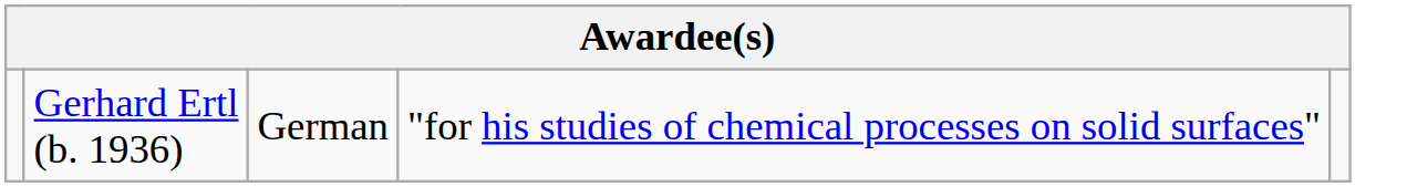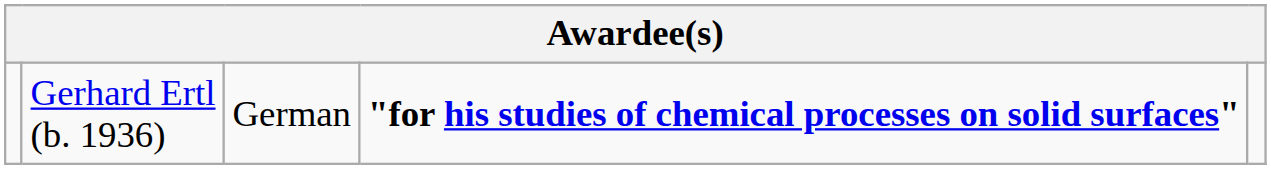 <table class="wikitable">
 <tr>
 <th colspan="5">Awardee(s)</th>
 </tr>
 <tr>
 <td></td>
 <td><a href='#'>Gerhard Ertl</a><br>(b. 1936)</td>
 <td> German</td>
-<td>"for <a href='#'>his studies of chemical processes on solid surfaces</a>"</td>
+<td><strong>"for <a href='#'>his studies of chemical processes on solid surfaces</a>"</strong></td>
 <td></td>
 </tr>
 </table>
